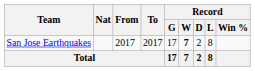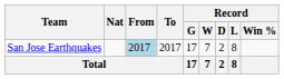 <table class="wikitable" style="text-align: center">
 <tr>
 <th rowspan="2">Team</th>
 <th rowspan="2">Nat</th>
 <th rowspan="2">From</th>
 <th rowspan="2">To</th>
 <th colspan="5">Record</th>
 </tr>
 <tr>
 <th>G</th>
 <th>W</th>
 <th>D</th>
 <th>L</th>
 <th>Win %</th>
 </tr>
 <tr>
 <td align=left><a href='#'>San Jose Earthquakes</a></td>
 <td align="left"></td>
-<td align=left>2017</td>
+<td align=left style="background: lightblue;">2017</td>
 <td align=left>2017</td>
 <td>17</td>
-<td><strong>7</strong></td>
+<td>7</td>
 <td>2</td>
 <td>8</td>
 <td></td>
 </tr>
 <tr>
 <th colspan="4">Total</th>
 <th>17</th>
 <th>7</th>
 <th>2</th>
 <th>8</th>
 <th></th>
 </tr>
 </table>
